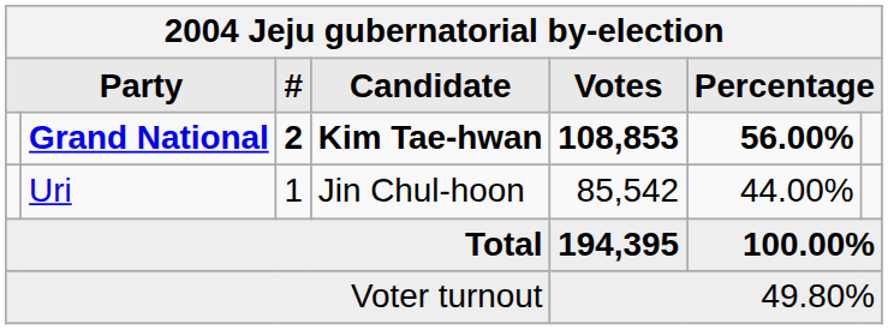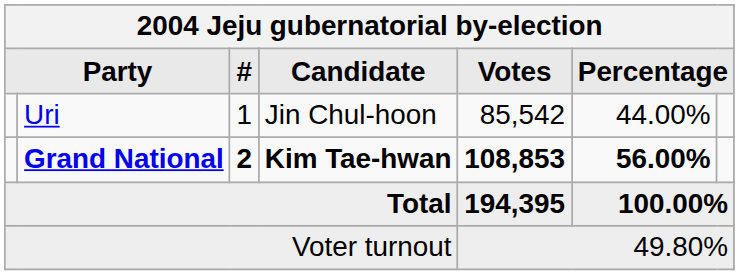 <table class="wikitable">
 <tr>
 <th colspan="7">2004 Jeju gubernatorial by-election</th>
 </tr>
 <tr>
 <th style="background-color:#E9E9E9" colspan=2>Party</th>
 <th style="background-color:#E9E9E9">#</th>
 <th style="background-color:#E9E9E9">Candidate</th>
 <th style="background-color:#E9E9E9">Votes</th>
 <th style="background-color:#E9E9E9" colspan=2>Percentage</th>
 </tr>
+<tr>
+<td></td>
+<td align=left><a href='#'>Uri</a></td>
+<td align=center>1</td>
+<td align=left>Jin Chul-hoon</td>
+<td align=right>85,542</td>
+<td align=right>44.00%</td>
+<td align=right></td>
+</tr>
 <tr style="font-weight:bold">
 <td></td>
 <td align=left><a href='#'>Grand National</a></td>
 <td align=center>2</td>
 <td align=left>Kim Tae-hwan</td>
 <td align=right>108,853</td>
 <td align=right>56.00%</td>
-<td align=right></td>
-</tr>
-<tr>
-<td></td>
-<td align=left><a href='#'>Uri</a></td>
-<td align=center>1</td>
-<td align=left>Jin Chul-hoon</td>
-<td align=right>85,542</td>
-<td align=right>44.00%</td>
 <td align=right></td>
 </tr>
 <tr bgcolor="#EEEEEE" style="font-weight:bold">
 <td colspan="4" align=right>Total</td>
 <td align=right>194,395</td>
 <td align=right colspan=2>100.00%</td>
 </tr>
 <tr bgcolor="#EEEEEE">
 <td colspan="4" align="right">Voter turnout</td>
 <td colspan="3" align="right">49.80%</td>
 </tr>
 </table>
